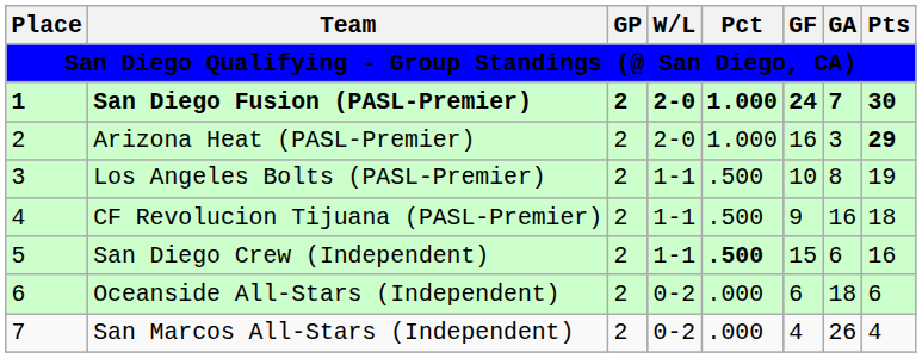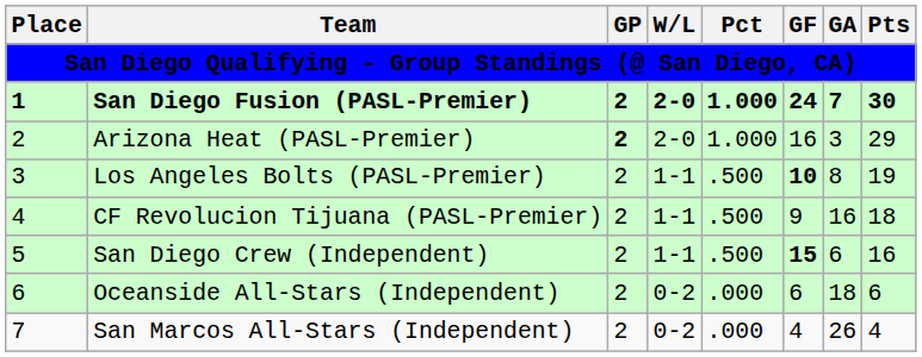 <table class="wikitable">
 <tr>
 <th>Place</th>
 <th>Team</th>
 <th>GP</th>
 <th>W/L</th>
 <th>Pct</th>
 <th>GF</th>
 <th>GA</th>
 <th>Pts</th>
 </tr>
 <tr>
 <th style="background:blue;" colspan="9"><span>San Diego Qualifying - Group Standings (@ San Diego, CA)</span></th>
 </tr>
 <tr style="background:#cfc;">
 <td><strong>1</strong></td>
 <td><strong>San Diego Fusion (PASL-Premier)</strong></td>
 <td><strong>2</strong></td>
 <td><strong>2-0</strong></td>
 <td><strong>1.000</strong></td>
 <td><strong>24</strong></td>
 <td><strong>7</strong></td>
 <td><strong>30</strong></td>
 </tr>
 <tr style="background:#cfc;">
 <td>2</td>
 <td>Arizona Heat (PASL-Premier)</td>
-<td>2</td>
+<td><strong>2</strong></td>
 <td>2-0</td>
 <td>1.000</td>
 <td>16</td>
 <td>3</td>
-<td><strong>29</strong></td>
+<td>29</td>
 </tr>
 <tr style="background:#cfc;">
 <td>3</td>
 <td>Los Angeles Bolts (PASL-Premier)</td>
 <td>2</td>
 <td>1-1</td>
 <td>.500</td>
-<td>10</td>
+<td><strong>10</strong></td>
 <td>8</td>
 <td>19</td>
 </tr>
 <tr style="background:#cfc;">
 <td>4</td>
 <td>CF Revolucion Tijuana (PASL-Premier)</td>
 <td>2</td>
 <td>1-1</td>
 <td>.500</td>
 <td>9</td>
 <td>16</td>
 <td>18</td>
 </tr>
 <tr style="background:#cfc;">
 <td>5</td>
 <td>San Diego Crew (Independent)</td>
 <td>2</td>
 <td>1-1</td>
-<td><strong>.500</strong></td>
-<td>15</td>
+<td>.500</td>
+<td><strong>15</strong></td>
 <td>6</td>
 <td>16</td>
 </tr>
 <tr style="background:#cfc;">
 <td>6</td>
 <td>Oceanside All-Stars (Independent)</td>
 <td>2</td>
 <td>0-2</td>
 <td>.000</td>
 <td>6</td>
 <td>18</td>
 <td>6</td>
 </tr>
 <tr>
 <td>7</td>
 <td>San Marcos All-Stars (Independent)</td>
 <td>2</td>
 <td>0-2</td>
 <td>.000</td>
 <td>4</td>
 <td>26</td>
 <td>4</td>
 </tr>
 </table>
